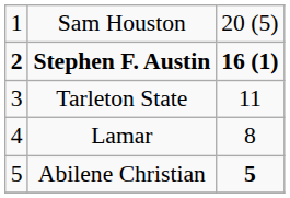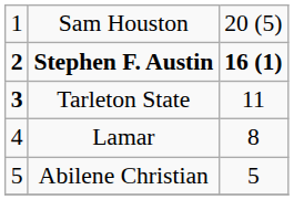 <table class="wikitable">
 <tr align="center">
 <td>1</td>
 <td>Sam Houston</td>
 <td>20 (5)</td>
 </tr>
 <tr align="center">
 <td><strong>2</strong></td>
 <td><strong>Stephen F. Austin</strong></td>
 <td><strong>16 (1)</strong></td>
 </tr>
 <tr align="center">
-<td>3</td>
+<td><strong>3</strong></td>
 <td>Tarleton State</td>
 <td>11</td>
 </tr>
 <tr align="center">
 <td>4</td>
 <td>Lamar</td>
 <td>8</td>
 </tr>
 <tr align="center">
 <td>5</td>
 <td>Abilene Christian</td>
-<td><strong>5</strong></td>
+<td>5</td>
 </tr>
 <tr align="center">
 </tr>
 </table>
